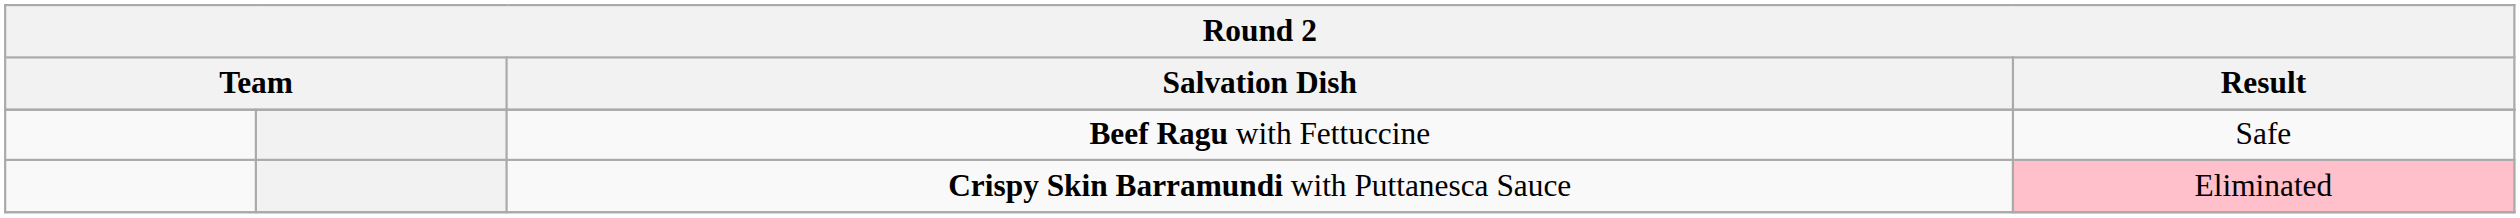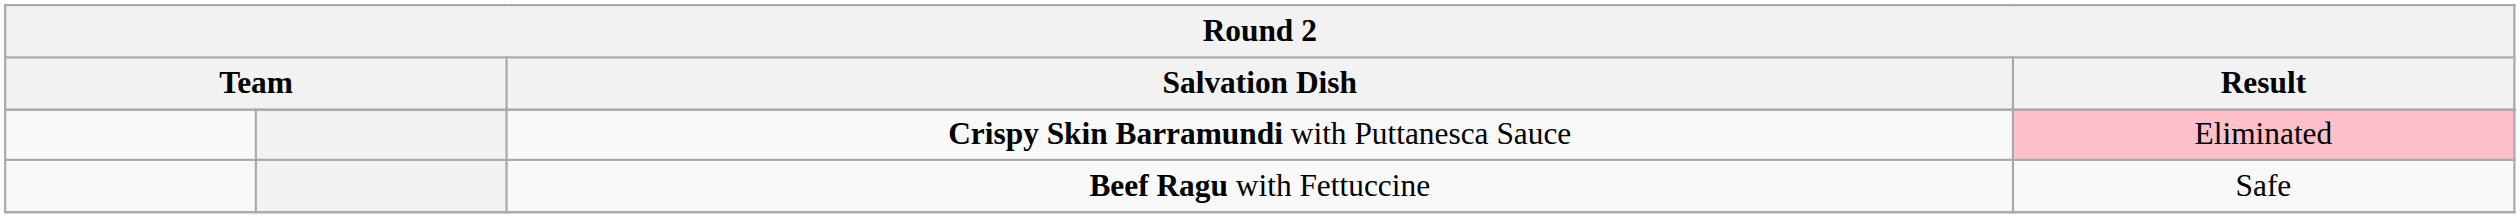 <table class="wikitable plainrowheaders" style="margin: 1em auto; text-align:center; font-size:90%; width:80em;">
 <tr>
 <th colspan="4" >Round 2</th>
 </tr>
 <tr>
 <th style="width:20%;" colspan="2">Team</th>
 <th style="width:60%;">Salvation Dish</th>
 <th style="width:20%;">Result</th>
 </tr>
 <tr>
 </tr>
 <tr>
 <td></td>
 <th style="text-align:centre"></th>
+<td><strong>Crispy Skin Barramundi</strong> with Puttanesca Sauce</td>
+<td bgcolor="pink">Eliminated</td>
+</tr>
+<tr>
+<td></td>
+<th style="text-align:centre"></th>
 <td><strong>Beef Ragu</strong> with Fettuccine</td>
 <td>Safe</td>
 </tr>
 <tr>
-<td></td>
-<th style="text-align:centre"></th>
-<td><strong>Crispy Skin Barramundi</strong> with Puttanesca Sauce</td>
-<td bgcolor="pink">Eliminated</td>
-</tr>
-<tr>
 </tr>
 </table>
